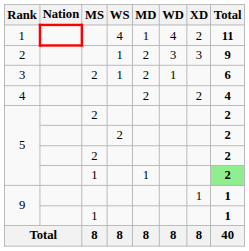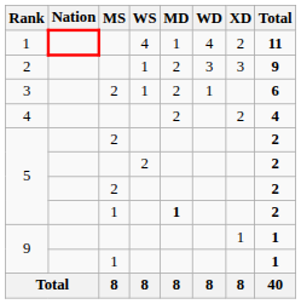 <table class="wikitable" style="text-align:center">
 <tr>
 <th>Rank</th>
 <th>Nation</th>
 <th>MS</th>
 <th>WS</th>
 <th>MD</th>
 <th>WD</th>
 <th>XD</th>
 <th>Total</th>
 </tr>
 <tr>
 <td>1</td>
 <td align="left" style="border: 3px solid red"><strong></strong></td>
 <td></td>
 <td>4</td>
 <td>1</td>
 <td>4</td>
 <td>2</td>
 <td><strong>11</strong></td>
 </tr>
 <tr>
 <td>2</td>
 <td align="left"></td>
 <td></td>
 <td>1</td>
 <td>2</td>
 <td>3</td>
 <td>3</td>
 <td><strong>9</strong></td>
 </tr>
 <tr>
 <td>3</td>
 <td align="left"></td>
 <td>2</td>
 <td>1</td>
 <td>2</td>
 <td>1</td>
 <td></td>
 <td><strong>6</strong></td>
 </tr>
 <tr>
 <td>4</td>
 <td align="left"></td>
 <td></td>
 <td></td>
 <td>2</td>
 <td></td>
 <td>2</td>
 <td><strong>4</strong></td>
 </tr>
 <tr>
 <td rowspan=4>5</td>
 <td align="left"></td>
 <td>2</td>
 <td></td>
 <td></td>
 <td></td>
 <td></td>
 <td><strong>2</strong></td>
 </tr>
 <tr>
 <td align="left"></td>
 <td></td>
 <td>2</td>
 <td></td>
 <td></td>
 <td></td>
 <td><strong>2</strong></td>
 </tr>
 <tr>
 <td align="left"></td>
 <td>2</td>
 <td></td>
 <td></td>
 <td></td>
 <td></td>
 <td><strong>2</strong></td>
 </tr>
 <tr>
 <td align="left"></td>
 <td>1</td>
 <td></td>
-<td>1</td>
+<td><strong>1</strong></td>
 <td></td>
 <td></td>
-<td style="background: lightgreen;"><strong>2</strong></td>
+<td><strong>2</strong></td>
 </tr>
 <tr>
 <td rowspan=2>9</td>
 <td align="left"></td>
 <td></td>
 <td></td>
 <td></td>
 <td></td>
 <td>1</td>
 <td><strong>1</strong></td>
 </tr>
 <tr>
 <td align="left"></td>
 <td>1</td>
 <td></td>
 <td></td>
 <td></td>
 <td></td>
 <td><strong>1</strong></td>
 </tr>
 <tr>
 <th colspan="2">Total</th>
 <th>8</th>
 <th>8</th>
 <th>8</th>
 <th>8</th>
 <th>8</th>
 <th>40</th>
 </tr>
 </table>
